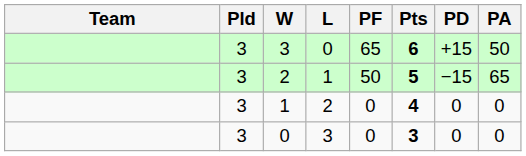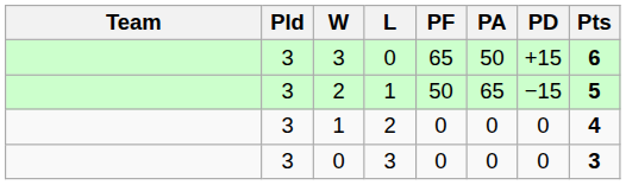 <table class=wikitable style="text-align:center">
 <tr>
 <th width=180>Team</th>
 <th width=30>Pld</th>
 <th width=30>W</th>
 <th width=30>L</th>
 <th width=30>PF</th>
+<th width=30>PA</th>
+<th width=30>PD</th>
 <th width=30>Pts</th>
-<th width=30>PD</th>
-<th width=30>PA</th>
 </tr>
 <tr align=center bgcolor="#ccffcc">
 <td align=left></td>
 <td>3</td>
 <td>3</td>
 <td>0</td>
 <td>65</td>
+<td>50</td>
+<td>+15</td>
 <td><strong>6</strong></td>
-<td>+15</td>
-<td>50</td>
 </tr>
 <tr align=center bgcolor="#ccffcc">
 <td align=left></td>
 <td>3</td>
 <td>2</td>
 <td>1</td>
 <td>50</td>
+<td>65</td>
+<td>−15</td>
 <td><strong>5</strong></td>
-<td>−15</td>
-<td>65</td>
 </tr>
 <tr align=center>
 <td align=left></td>
 <td>3</td>
 <td>1</td>
 <td>2</td>
 <td>0</td>
-<td><strong>4</strong></td>
 <td>0</td>
 <td>0</td>
+<td><strong>4</strong></td>
 </tr>
 <tr align=center>
 <td align=left></td>
 <td>3</td>
 <td>0</td>
 <td>3</td>
 <td>0</td>
-<td><strong>3</strong></td>
 <td>0</td>
 <td>0</td>
+<td><strong>3</strong></td>
 </tr>
 </table>
